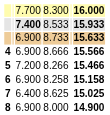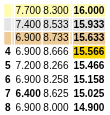 <table>
 <tr style="background:#fffcaf;">
 <th scope=row style="text-align:center"></th>
 <td style="text-align:left;"></td>
 <td>7.700</td>
 <td>8.300</td>
 <td></td>
 <td><strong>16.000</strong></td>
 </tr>
 <tr style="background:#e5e5e5;">
 <th scope=row style="text-align:center"></th>
 <td style="text-align:left;"></td>
-<td><strong>7.400</strong></td>
+<td>7.400</td>
 <td>8.533</td>
 <td></td>
 <td><strong>15.933</strong></td>
 </tr>
 <tr style="background:#ec9;">
 <th scope=row style="text-align:center"></th>
 <td style="text-align:left;"></td>
 <td>6.900</td>
 <td>8.733</td>
 <td></td>
 <td><strong>15.633</strong></td>
 </tr>
 <tr>
 <th scope=row style="text-align:center">4</th>
 <td style="text-align:left;"></td>
 <td>6.900</td>
 <td>8.666</td>
 <td></td>
-<td><strong>15.566</strong></td>
+<td style="background: gold;"><strong>15.566</strong></td>
 </tr>
 <tr>
 <th scope=row style="text-align:center">5</th>
 <td style="text-align:left;"></td>
 <td>7.200</td>
 <td>8.266</td>
 <td></td>
 <td><strong>15.466</strong></td>
 </tr>
 <tr>
 <th scope=row style="text-align:center">6</th>
 <td style="text-align:left;"></td>
 <td>6.900</td>
 <td>8.258</td>
 <td></td>
 <td><strong>15.158</strong></td>
 </tr>
 <tr>
 <th scope=row style="text-align:center">7</th>
 <td style="text-align:left;"></td>
-<td>6.400</td>
+<td><strong>6.400</strong></td>
 <td>8.625</td>
 <td></td>
 <td><strong>15.025</strong></td>
 </tr>
 <tr>
 <th scope=row style="text-align:center">8</th>
 <td style="text-align:left;"></td>
 <td>6.900</td>
 <td>8.000</td>
 <td></td>
 <td><strong>14.900</strong></td>
 </tr>
 <tr>
 </tr>
 </table>
